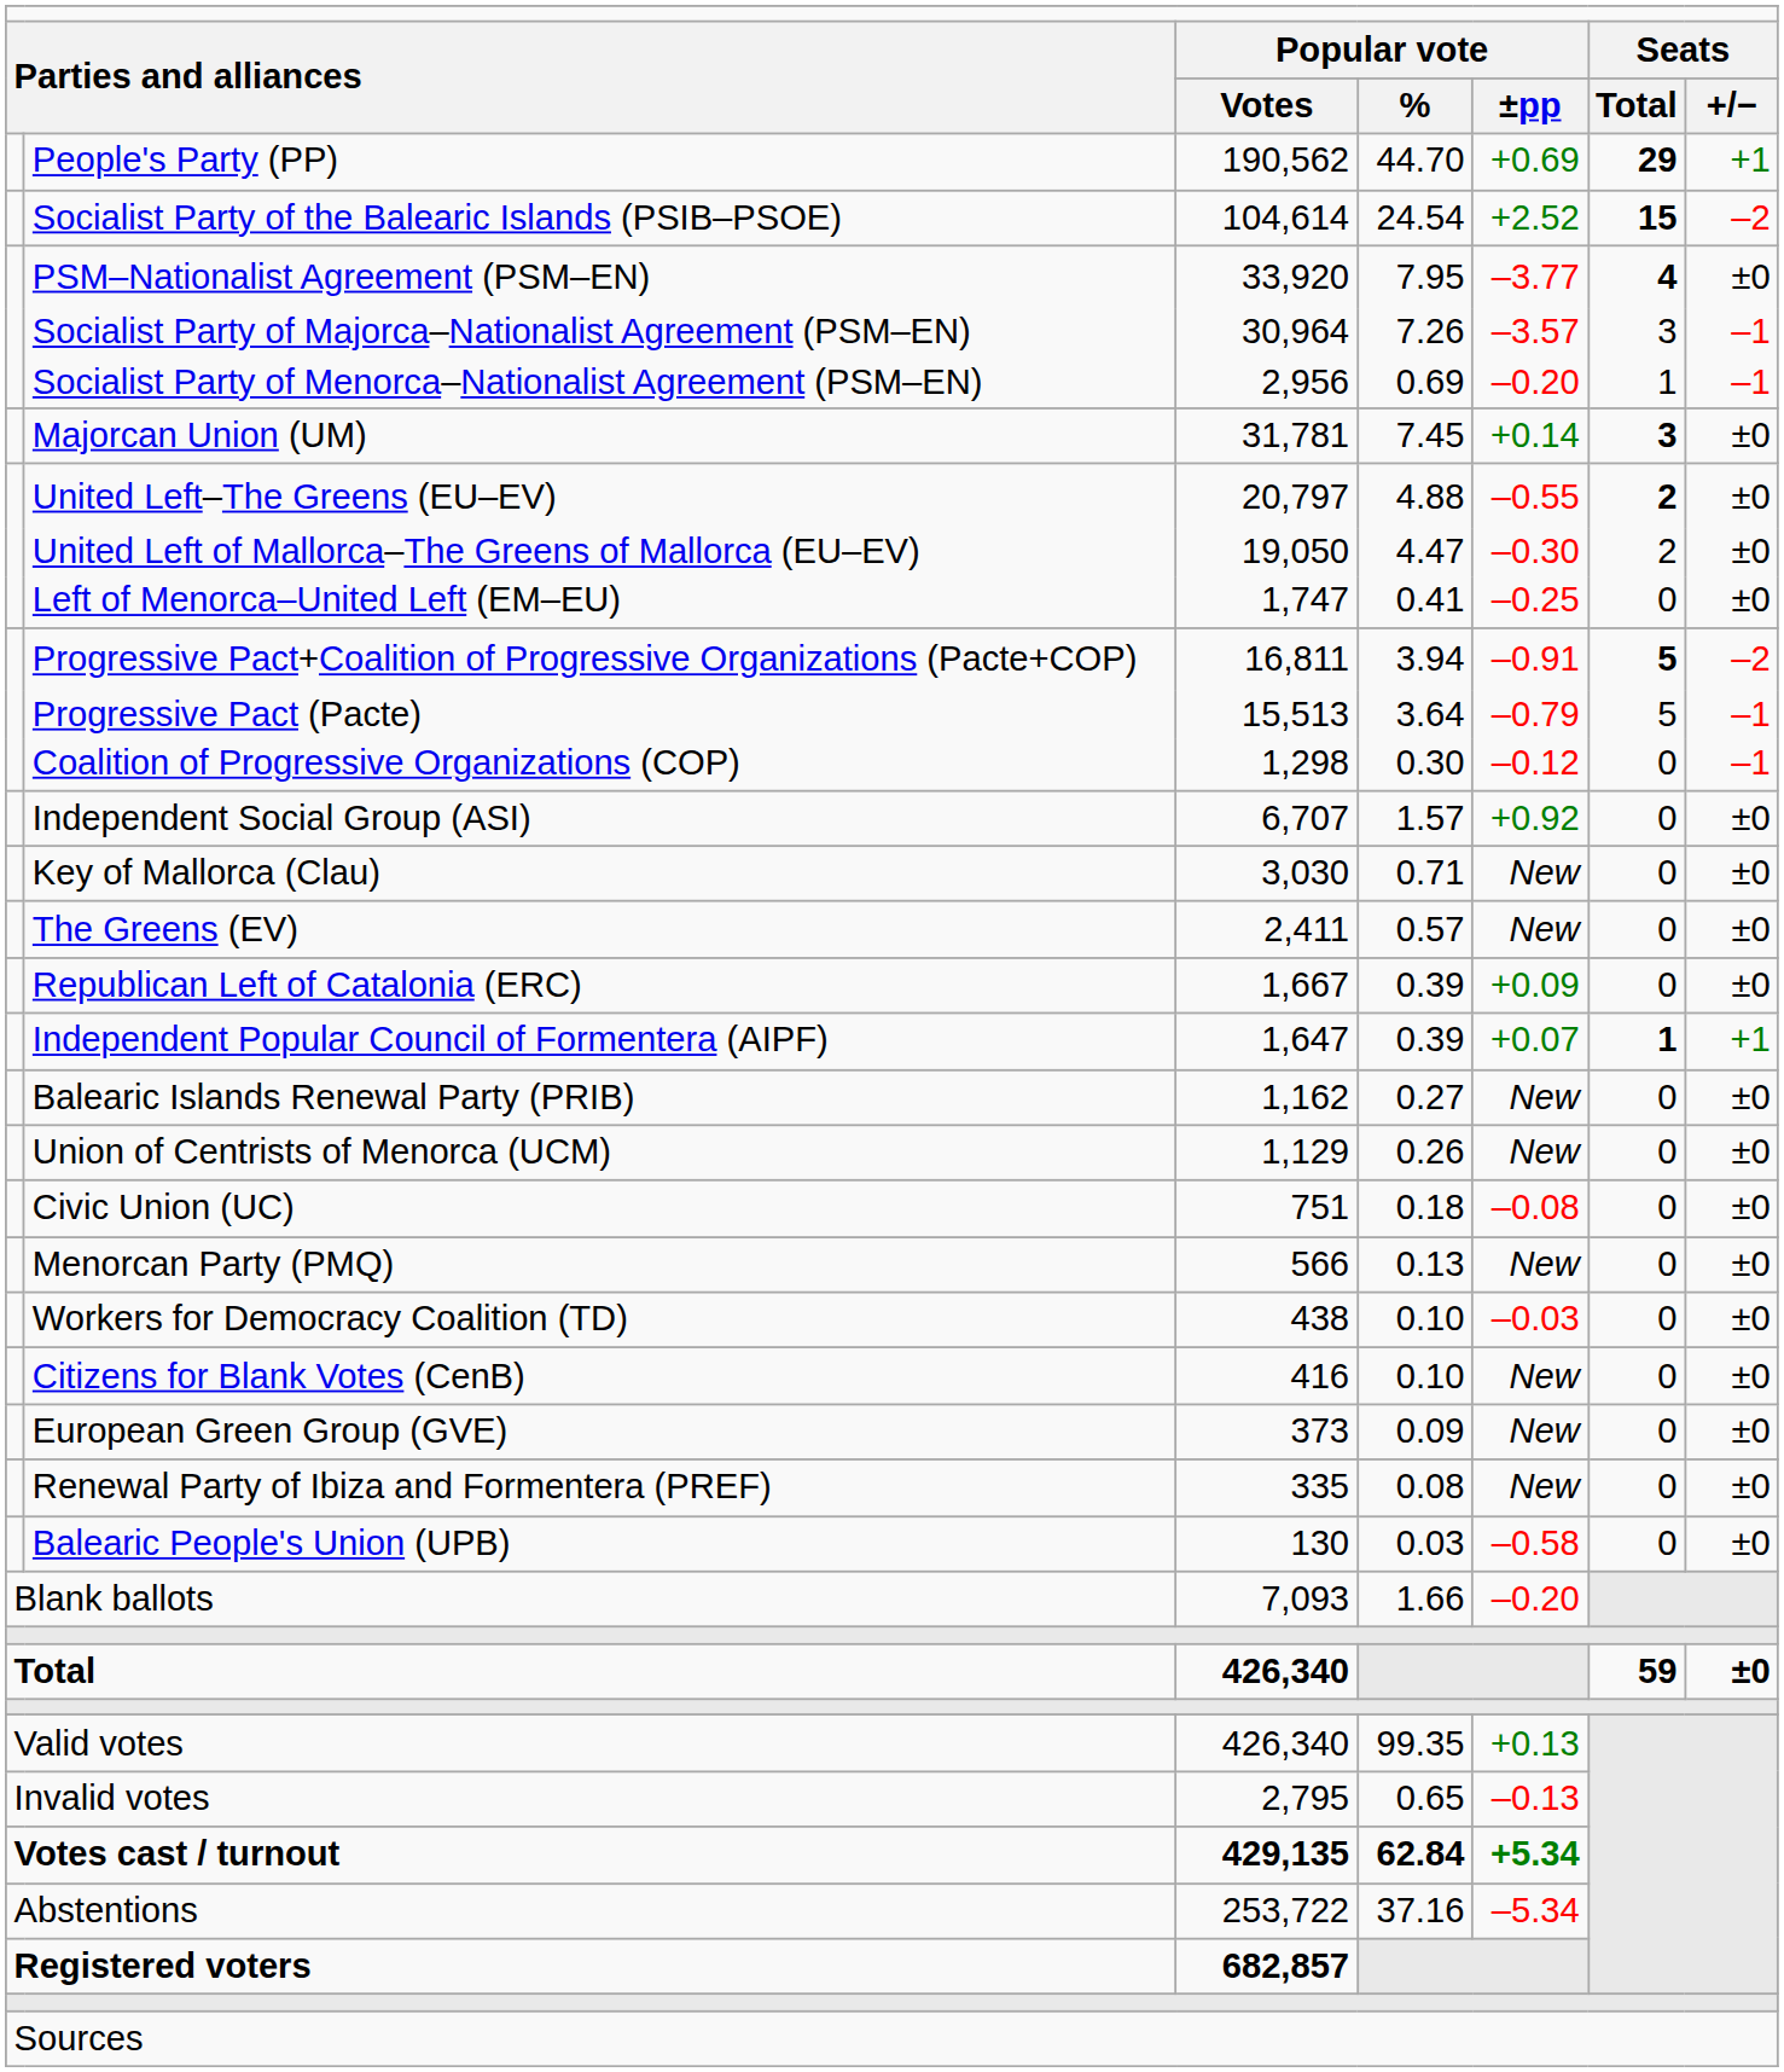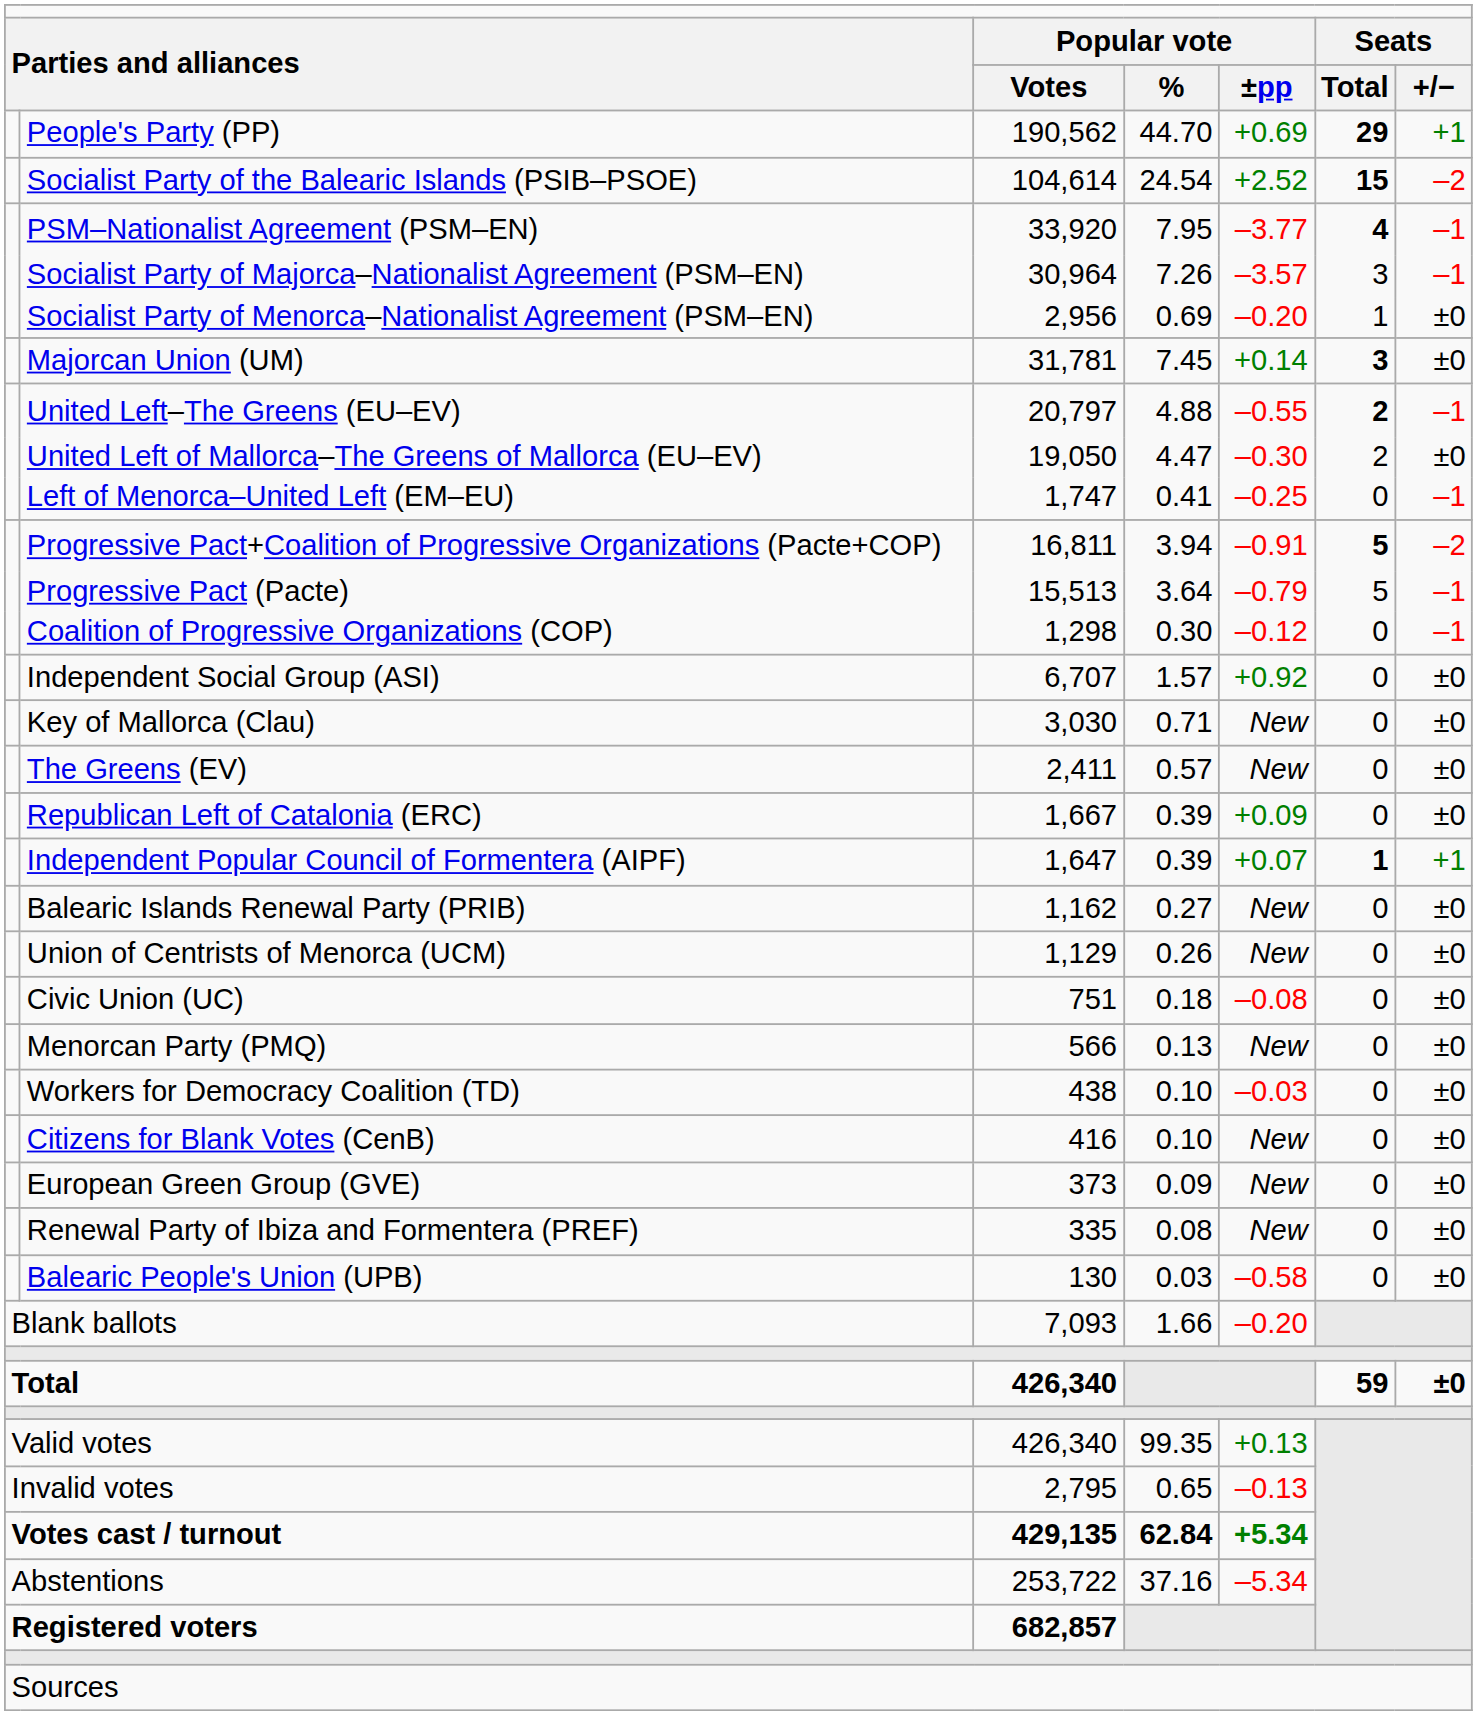 <table class="wikitable" style="text-align:right;">
 <tr>
 <td colspan="7"></td>
 </tr>
 <tr>
 <th style="text-align:left;" rowspan="2" colspan="2" width="525">Parties and alliances</th>
 <th colspan="3">Popular vote</th>
 <th colspan="2">Seats</th>
 </tr>
 <tr>
 <th width="75">Votes</th>
 <th width="45">%</th>
 <th width="45">±<a href='#'>pp</a></th>
 <th width="35">Total</th>
 <th width="35">+/−</th>
 </tr>
 <tr>
 <td width="1" style="color:inherit;background:"></td>
 <td align="left"><a href='#'>People's Party</a> (PP)</td>
 <td>190,562</td>
 <td>44.70</td>
 <td style="color:green;">+0.69</td>
 <td><strong>29</strong></td>
 <td style="color:green;">+1</td>
 </tr>
 <tr>
 <td style="color:inherit;background:"></td>
 <td align="left"><a href='#'>Socialist Party of the Balearic Islands</a> (PSIB–PSOE)</td>
 <td>104,614</td>
 <td>24.54</td>
 <td style="color:green;">+2.52</td>
 <td><strong>15</strong></td>
 <td style="color:red;">–2</td>
 </tr>
 <tr style="line-height:22px;">
 <td rowspan="3" style="color:inherit;background:"></td>
 <td align="left"><a href='#'>PSM–Nationalist Agreement</a> (PSM–EN)</td>
 <td>33,920</td>
 <td>7.95</td>
 <td style="color:red;">–3.77</td>
 <td><strong>4</strong></td>
-<td>±0</td>
+<td style="color:red;">–1</td>
 </tr>
 <tr style="border-bottom-style:hidden; border-top-style:hidden; line-height:16px;">
 <td align="left"><span><a href='#'>Socialist Party of Majorca</a>–<a href='#'>Nationalist Agreement</a> (PSM–EN)</span></td>
 <td>30,964</td>
 <td>7.26</td>
 <td style="color:red;">–3.57</td>
 <td>3</td>
 <td style="color:red;">–1</td>
 </tr>
 <tr style="line-height:16px;">
 <td align="left"><span><a href='#'>Socialist Party of Menorca</a>–<a href='#'>Nationalist Agreement</a> (PSM–EN)</span></td>
 <td>2,956</td>
 <td>0.69</td>
 <td style="color:red;">–0.20</td>
 <td>1</td>
-<td style="color:red;">–1</td>
+<td>±0</td>
 </tr>
 <tr>
 <td style="color:inherit;background:"></td>
 <td align="left"><a href='#'>Majorcan Union</a> (UM)</td>
 <td>31,781</td>
 <td>7.45</td>
 <td style="color:green;">+0.14</td>
 <td><strong>3</strong></td>
 <td>±0</td>
 </tr>
 <tr style="line-height:22px;">
 <td rowspan="3" style="color:inherit;background:"></td>
 <td align="left"><a href='#'>United Left</a>–<a href='#'>The Greens</a> (EU–EV)</td>
 <td>20,797</td>
 <td>4.88</td>
 <td style="color:red;">–0.55</td>
 <td><strong>2</strong></td>
-<td>±0</td>
+<td style="color:red;">–1</td>
 </tr>
 <tr style="border-bottom-style:hidden; border-top-style:hidden; line-height:16px;">
 <td align="left"><span><a href='#'>United Left of Mallorca</a>–<a href='#'>The Greens of Mallorca</a> (EU–EV)</span></td>
 <td>19,050</td>
 <td>4.47</td>
 <td style="color:red;">–0.30</td>
 <td>2</td>
 <td>±0</td>
 </tr>
 <tr style="line-height:16px;">
 <td align="left"><span><a href='#'>Left of Menorca–United Left</a> (EM–EU)</span></td>
 <td>1,747</td>
 <td>0.41</td>
 <td style="color:red;">–0.25</td>
 <td>0</td>
-<td>±0</td>
+<td style="color:red;">–1</td>
 </tr>
 <tr style="line-height:22px;">
 <td rowspan="3" style="color:inherit;background:"></td>
 <td align="left"><a href='#'>Progressive Pact</a>+<a href='#'>Coalition of Progressive Organizations</a> (Pacte+COP)</td>
 <td>16,811</td>
 <td>3.94</td>
 <td style="color:red;">–0.91</td>
 <td><strong>5</strong></td>
 <td style="color:red;">–2</td>
 </tr>
 <tr style="border-bottom-style:hidden; border-top-style:hidden; line-height:16px;">
 <td align="left"><span><a href='#'>Progressive Pact</a> (Pacte)</span></td>
 <td>15,513</td>
 <td>3.64</td>
 <td style="color:red;">–0.79</td>
 <td>5</td>
 <td style="color:red;">–1</td>
 </tr>
 <tr style="line-height:16px;">
 <td align="left"><span><a href='#'>Coalition of Progressive Organizations</a> (COP)</span></td>
 <td>1,298</td>
 <td>0.30</td>
 <td style="color:red;">–0.12</td>
 <td>0</td>
 <td style="color:red;">–1</td>
 </tr>
 <tr>
 <td style="color:inherit;background:"></td>
 <td align="left">Independent Social Group (ASI)</td>
 <td>6,707</td>
 <td>1.57</td>
 <td style="color:green;">+0.92</td>
 <td>0</td>
 <td>±0</td>
 </tr>
 <tr>
 <td style="color:inherit;background:"></td>
 <td align="left">Key of Mallorca (Clau)</td>
 <td>3,030</td>
 <td>0.71</td>
 <td><em>New</em></td>
 <td>0</td>
 <td>±0</td>
 </tr>
 <tr>
 <td style="color:inherit;background:"></td>
 <td align="left"><a href='#'>The Greens</a> (EV)</td>
 <td>2,411</td>
 <td>0.57</td>
 <td><em>New</em></td>
 <td>0</td>
 <td>±0</td>
 </tr>
 <tr>
 <td style="color:inherit;background:"></td>
 <td align="left"><a href='#'>Republican Left of Catalonia</a> (ERC)</td>
 <td>1,667</td>
 <td>0.39</td>
 <td style="color:green;">+0.09</td>
 <td>0</td>
 <td>±0</td>
 </tr>
 <tr>
 <td style="color:inherit;background:"></td>
 <td align="left"><a href='#'>Independent Popular Council of Formentera</a> (AIPF)</td>
 <td>1,647</td>
 <td>0.39</td>
 <td style="color:green;">+0.07</td>
 <td><strong>1</strong></td>
 <td style="color:green;">+1</td>
 </tr>
 <tr>
 <td style="color:inherit;background:"></td>
 <td align="left">Balearic Islands Renewal Party (PRIB)</td>
 <td>1,162</td>
 <td>0.27</td>
 <td><em>New</em></td>
 <td>0</td>
 <td>±0</td>
 </tr>
 <tr>
 <td style="color:inherit;background:"></td>
 <td align="left">Union of Centrists of Menorca (UCM)</td>
 <td>1,129</td>
 <td>0.26</td>
 <td><em>New</em></td>
 <td>0</td>
 <td>±0</td>
 </tr>
 <tr>
 <td style="color:inherit;background:"></td>
 <td align="left">Civic Union (UC)</td>
 <td>751</td>
 <td>0.18</td>
 <td style="color:red;">–0.08</td>
 <td>0</td>
 <td>±0</td>
 </tr>
 <tr>
 <td style="color:inherit;background:"></td>
 <td align="left">Menorcan Party (PMQ)</td>
 <td>566</td>
 <td>0.13</td>
 <td><em>New</em></td>
 <td>0</td>
 <td>±0</td>
 </tr>
 <tr>
 <td style="color:inherit;background:"></td>
 <td align="left">Workers for Democracy Coalition (TD)</td>
 <td>438</td>
 <td>0.10</td>
 <td style="color:red;">–0.03</td>
 <td>0</td>
 <td>±0</td>
 </tr>
 <tr>
 <td style="color:inherit;background:"></td>
 <td align="left"><a href='#'>Citizens for Blank Votes</a> (CenB)</td>
 <td>416</td>
 <td>0.10</td>
 <td><em>New</em></td>
 <td>0</td>
 <td>±0</td>
 </tr>
 <tr>
 <td style="color:inherit;background:"></td>
 <td align="left">European Green Group (GVE)</td>
 <td>373</td>
 <td>0.09</td>
 <td><em>New</em></td>
 <td>0</td>
 <td>±0</td>
 </tr>
 <tr>
 <td style="color:inherit;background:"></td>
 <td align="left">Renewal Party of Ibiza and Formentera (PREF)</td>
 <td>335</td>
 <td>0.08</td>
 <td><em>New</em></td>
 <td>0</td>
 <td>±0</td>
 </tr>
 <tr>
 <td style="color:inherit;background:"></td>
 <td align="left"><a href='#'>Balearic People's Union</a> (UPB)</td>
 <td>130</td>
 <td>0.03</td>
 <td style="color:red;">–0.58</td>
 <td>0</td>
 <td>±0</td>
 </tr>
 <tr>
 <td align="left" colspan="2">Blank ballots</td>
 <td>7,093</td>
 <td>1.66</td>
 <td style="color:red;">–0.20</td>
 <td bgcolor="#E9E9E9" colspan="2"></td>
 </tr>
 <tr>
 <td colspan="7" bgcolor="#E9E9E9"></td>
 </tr>
 <tr style="font-weight:bold;">
 <td align="left" colspan="2">Total</td>
 <td>426,340</td>
 <td bgcolor="#E9E9E9" colspan="2"></td>
 <td>59</td>
 <td>±0</td>
 </tr>
 <tr>
 <td colspan="7" bgcolor="#E9E9E9"></td>
 </tr>
 <tr>
 <td align="left" colspan="2">Valid votes</td>
 <td>426,340</td>
 <td>99.35</td>
 <td style="color:green;">+0.13</td>
 <td bgcolor="#E9E9E9" colspan="2" rowspan="5"></td>
 </tr>
 <tr>
 <td align="left" colspan="2">Invalid votes</td>
 <td>2,795</td>
 <td>0.65</td>
 <td style="color:red;">–0.13</td>
 </tr>
 <tr style="font-weight:bold;">
 <td align="left" colspan="2">Votes cast / turnout</td>
 <td>429,135</td>
 <td>62.84</td>
 <td style="color:green;">+5.34</td>
 </tr>
 <tr>
 <td align="left" colspan="2">Abstentions</td>
 <td>253,722</td>
 <td>37.16</td>
 <td style="color:red;">–5.34</td>
 </tr>
 <tr style="font-weight:bold;">
 <td align="left" colspan="2">Registered voters</td>
 <td>682,857</td>
 <td bgcolor="#E9E9E9" colspan="2"></td>
 </tr>
 <tr>
 <td colspan="7" bgcolor="#E9E9E9"></td>
 </tr>
 <tr>
 <td align="left" colspan="7">Sources</td>
 </tr>
 </table>
